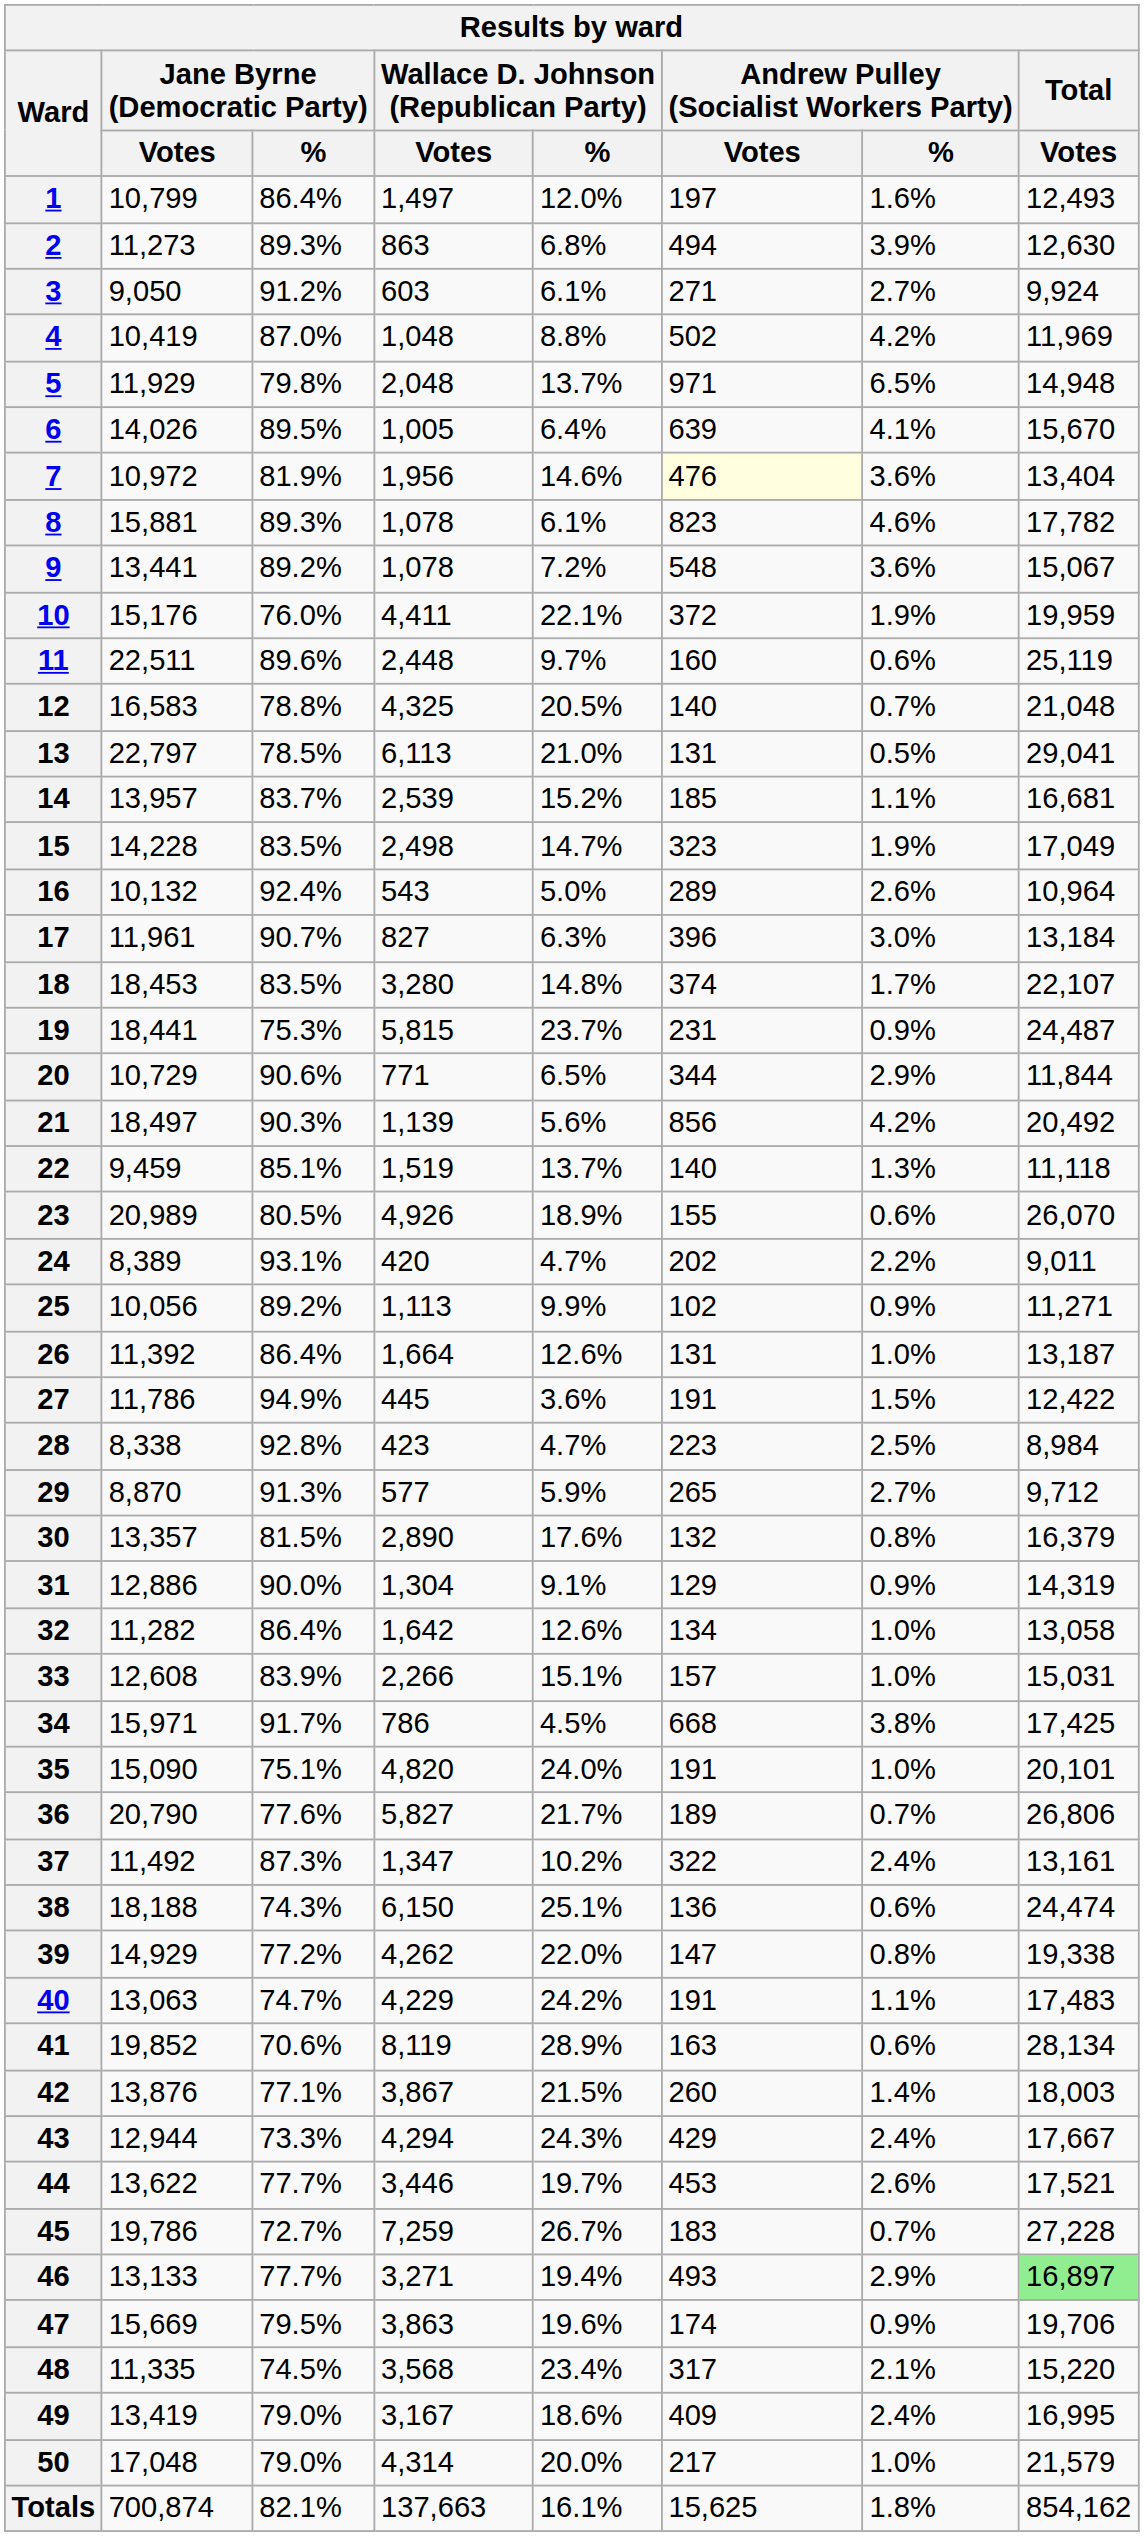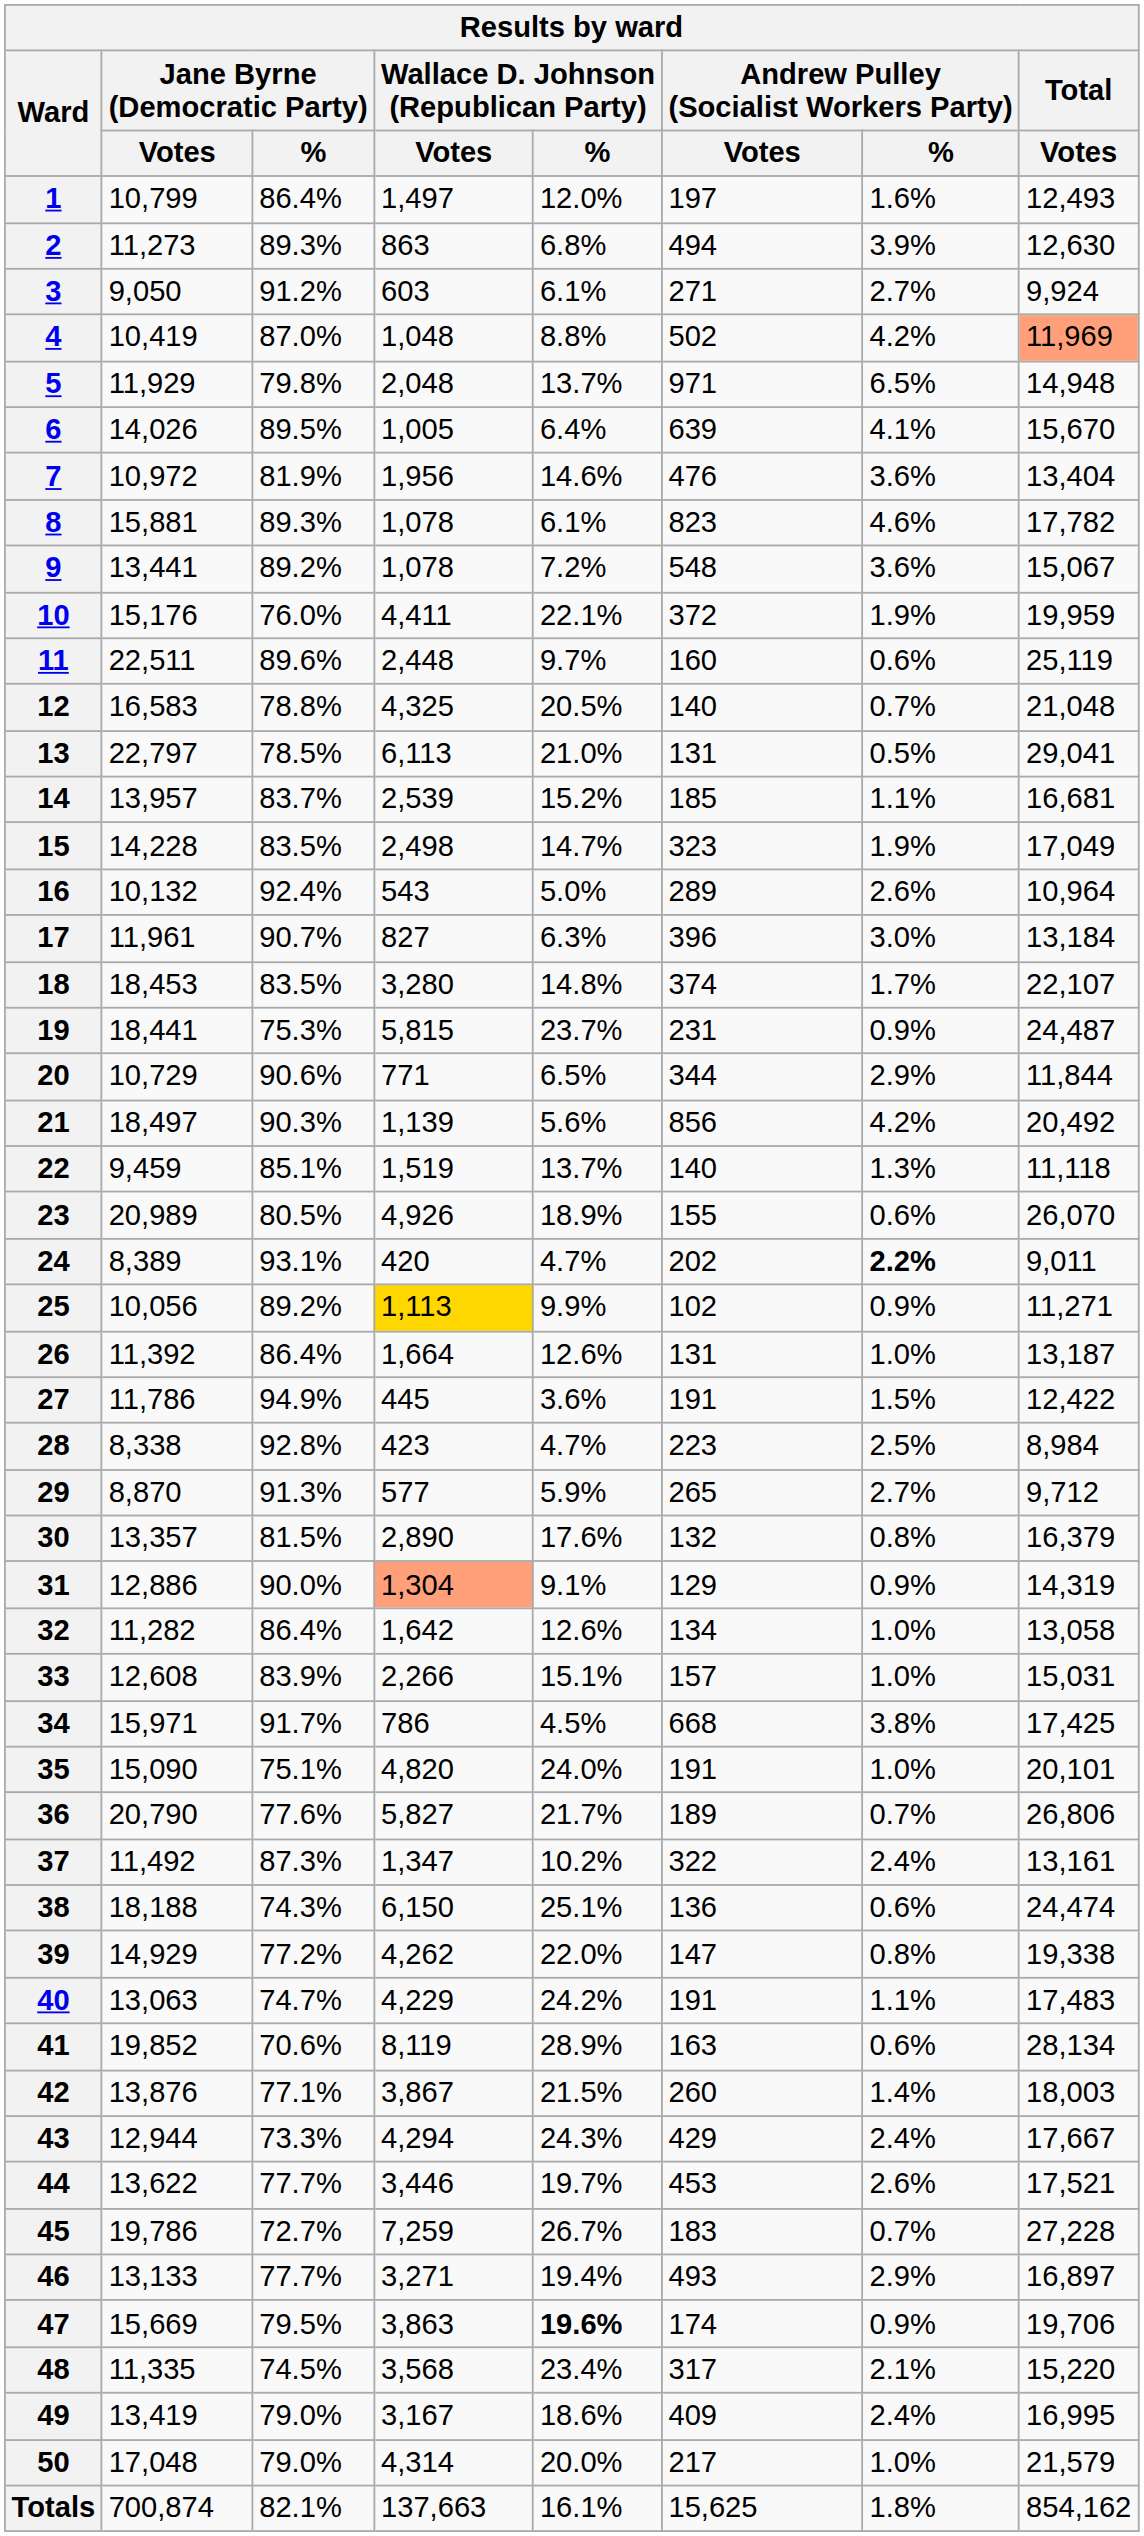 <table class="wikitable sortable">
 <tr>
 <th colspan=8>Results by ward</th>
 </tr>
 <tr>
 <th rowspan=2>Ward</th>
 <th colspan=2>Jane Byrne<br>(Democratic Party)</th>
 <th colspan=2>Wallace D. Johnson<br>(Republican Party)</th>
 <th colspan=2>Andrew Pulley<br>(Socialist Workers Party)</th>
 <th>Total</th>
 </tr>
 <tr>
 <th>Votes</th>
 <th>%</th>
 <th>Votes</th>
 <th>%</th>
 <th>Votes</th>
 <th>%</th>
 <th>Votes</th>
 </tr>
 <tr>
 <th><a href='#'>1</a></th>
 <td>10,799</td>
 <td>86.4%</td>
 <td>1,497</td>
 <td>12.0%</td>
 <td>197</td>
 <td>1.6%</td>
 <td>12,493</td>
 </tr>
 <tr>
 <th><a href='#'>2</a></th>
 <td>11,273</td>
 <td>89.3%</td>
 <td>863</td>
 <td>6.8%</td>
 <td>494</td>
 <td>3.9%</td>
 <td>12,630</td>
 </tr>
 <tr>
 <th><a href='#'>3</a></th>
 <td>9,050</td>
 <td>91.2%</td>
 <td>603</td>
 <td>6.1%</td>
 <td>271</td>
 <td>2.7%</td>
 <td>9,924</td>
 </tr>
 <tr>
 <th><a href='#'>4</a></th>
 <td>10,419</td>
 <td>87.0%</td>
 <td>1,048</td>
 <td>8.8%</td>
 <td>502</td>
 <td>4.2%</td>
-<td>11,969</td>
+<td style="background: lightsalmon;">11,969</td>
 </tr>
 <tr>
 <th><a href='#'>5</a></th>
 <td>11,929</td>
 <td>79.8%</td>
 <td>2,048</td>
 <td>13.7%</td>
 <td>971</td>
 <td>6.5%</td>
 <td>14,948</td>
 </tr>
 <tr>
 <th><a href='#'>6</a></th>
 <td>14,026</td>
 <td>89.5%</td>
 <td>1,005</td>
 <td>6.4%</td>
 <td>639</td>
 <td>4.1%</td>
 <td>15,670</td>
 </tr>
 <tr>
 <th><a href='#'>7</a></th>
 <td>10,972</td>
 <td>81.9%</td>
 <td>1,956</td>
 <td>14.6%</td>
-<td style="background: lightyellow;">476</td>
+<td>476</td>
 <td>3.6%</td>
 <td>13,404</td>
 </tr>
 <tr>
 <th><a href='#'>8</a></th>
 <td>15,881</td>
 <td>89.3%</td>
 <td>1,078</td>
 <td>6.1%</td>
 <td>823</td>
 <td>4.6%</td>
 <td>17,782</td>
 </tr>
 <tr>
 <th><a href='#'>9</a></th>
 <td>13,441</td>
 <td>89.2%</td>
 <td>1,078</td>
 <td>7.2%</td>
 <td>548</td>
 <td>3.6%</td>
 <td>15,067</td>
 </tr>
 <tr>
 <th><a href='#'>10</a></th>
 <td>15,176</td>
 <td>76.0%</td>
 <td>4,411</td>
 <td>22.1%</td>
 <td>372</td>
 <td>1.9%</td>
 <td>19,959</td>
 </tr>
 <tr>
 <th><a href='#'>11</a></th>
 <td>22,511</td>
 <td>89.6%</td>
 <td>2,448</td>
 <td>9.7%</td>
 <td>160</td>
 <td>0.6%</td>
 <td>25,119</td>
 </tr>
 <tr>
 <th>12</th>
 <td>16,583</td>
 <td>78.8%</td>
 <td>4,325</td>
 <td>20.5%</td>
 <td>140</td>
 <td>0.7%</td>
 <td>21,048</td>
 </tr>
 <tr>
 <th>13</th>
 <td>22,797</td>
 <td>78.5%</td>
 <td>6,113</td>
 <td>21.0%</td>
 <td>131</td>
 <td>0.5%</td>
 <td>29,041</td>
 </tr>
 <tr>
 <th>14</th>
 <td>13,957</td>
 <td>83.7%</td>
 <td>2,539</td>
 <td>15.2%</td>
 <td>185</td>
 <td>1.1%</td>
 <td>16,681</td>
 </tr>
 <tr>
 <th>15</th>
 <td>14,228</td>
 <td>83.5%</td>
 <td>2,498</td>
 <td>14.7%</td>
 <td>323</td>
 <td>1.9%</td>
 <td>17,049</td>
 </tr>
 <tr>
 <th>16</th>
 <td>10,132</td>
 <td>92.4%</td>
 <td>543</td>
 <td>5.0%</td>
 <td>289</td>
 <td>2.6%</td>
 <td>10,964</td>
 </tr>
 <tr>
 <th>17</th>
 <td>11,961</td>
 <td>90.7%</td>
 <td>827</td>
 <td>6.3%</td>
 <td>396</td>
 <td>3.0%</td>
 <td>13,184</td>
 </tr>
 <tr>
 <th>18</th>
 <td>18,453</td>
 <td>83.5%</td>
 <td>3,280</td>
 <td>14.8%</td>
 <td>374</td>
 <td>1.7%</td>
 <td>22,107</td>
 </tr>
 <tr>
 <th>19</th>
 <td>18,441</td>
 <td>75.3%</td>
 <td>5,815</td>
 <td>23.7%</td>
 <td>231</td>
 <td>0.9%</td>
 <td>24,487</td>
 </tr>
 <tr>
 <th>20</th>
 <td>10,729</td>
 <td>90.6%</td>
 <td>771</td>
 <td>6.5%</td>
 <td>344</td>
 <td>2.9%</td>
 <td>11,844</td>
 </tr>
 <tr>
 <th>21</th>
 <td>18,497</td>
 <td>90.3%</td>
 <td>1,139</td>
 <td>5.6%</td>
 <td>856</td>
 <td>4.2%</td>
 <td>20,492</td>
 </tr>
 <tr>
 <th>22</th>
 <td>9,459</td>
 <td>85.1%</td>
 <td>1,519</td>
 <td>13.7%</td>
 <td>140</td>
 <td>1.3%</td>
 <td>11,118</td>
 </tr>
 <tr>
 <th>23</th>
 <td>20,989</td>
 <td>80.5%</td>
 <td>4,926</td>
 <td>18.9%</td>
 <td>155</td>
 <td>0.6%</td>
 <td>26,070</td>
 </tr>
 <tr>
 <th>24</th>
 <td>8,389</td>
 <td>93.1%</td>
 <td>420</td>
 <td>4.7%</td>
 <td>202</td>
-<td>2.2%</td>
+<td><strong>2.2%</strong></td>
 <td>9,011</td>
 </tr>
 <tr>
 <th>25</th>
 <td>10,056</td>
 <td>89.2%</td>
-<td>1,113</td>
+<td style="background: gold;">1,113</td>
 <td>9.9%</td>
 <td>102</td>
 <td>0.9%</td>
 <td>11,271</td>
 </tr>
 <tr>
 <th>26</th>
 <td>11,392</td>
 <td>86.4%</td>
 <td>1,664</td>
 <td>12.6%</td>
 <td>131</td>
 <td>1.0%</td>
 <td>13,187</td>
 </tr>
 <tr>
 <th>27</th>
 <td>11,786</td>
 <td>94.9%</td>
 <td>445</td>
 <td>3.6%</td>
 <td>191</td>
 <td>1.5%</td>
 <td>12,422</td>
 </tr>
 <tr>
 <th>28</th>
 <td>8,338</td>
 <td>92.8%</td>
 <td>423</td>
 <td>4.7%</td>
 <td>223</td>
 <td>2.5%</td>
 <td>8,984</td>
 </tr>
 <tr>
 <th>29</th>
 <td>8,870</td>
 <td>91.3%</td>
 <td>577</td>
 <td>5.9%</td>
 <td>265</td>
 <td>2.7%</td>
 <td>9,712</td>
 </tr>
 <tr>
 <th>30</th>
 <td>13,357</td>
 <td>81.5%</td>
 <td>2,890</td>
 <td>17.6%</td>
 <td>132</td>
 <td>0.8%</td>
 <td>16,379</td>
 </tr>
 <tr>
 <th>31</th>
 <td>12,886</td>
 <td>90.0%</td>
-<td>1,304</td>
+<td style="background: lightsalmon;">1,304</td>
 <td>9.1%</td>
 <td>129</td>
 <td>0.9%</td>
 <td>14,319</td>
 </tr>
 <tr>
 <th>32</th>
 <td>11,282</td>
 <td>86.4%</td>
 <td>1,642</td>
 <td>12.6%</td>
 <td>134</td>
 <td>1.0%</td>
 <td>13,058</td>
 </tr>
 <tr>
 <th>33</th>
 <td>12,608</td>
 <td>83.9%</td>
 <td>2,266</td>
 <td>15.1%</td>
 <td>157</td>
 <td>1.0%</td>
 <td>15,031</td>
 </tr>
 <tr>
 <th>34</th>
 <td>15,971</td>
 <td>91.7%</td>
 <td>786</td>
 <td>4.5%</td>
 <td>668</td>
 <td>3.8%</td>
 <td>17,425</td>
 </tr>
 <tr>
 <th>35</th>
 <td>15,090</td>
 <td>75.1%</td>
 <td>4,820</td>
 <td>24.0%</td>
 <td>191</td>
 <td>1.0%</td>
 <td>20,101</td>
 </tr>
 <tr>
 <th>36</th>
 <td>20,790</td>
 <td>77.6%</td>
 <td>5,827</td>
 <td>21.7%</td>
 <td>189</td>
 <td>0.7%</td>
 <td>26,806</td>
 </tr>
 <tr>
 <th>37</th>
 <td>11,492</td>
 <td>87.3%</td>
 <td>1,347</td>
 <td>10.2%</td>
 <td>322</td>
 <td>2.4%</td>
 <td>13,161</td>
 </tr>
 <tr>
 <th>38</th>
 <td>18,188</td>
 <td>74.3%</td>
 <td>6,150</td>
 <td>25.1%</td>
 <td>136</td>
 <td>0.6%</td>
 <td>24,474</td>
 </tr>
 <tr>
 <th>39</th>
 <td>14,929</td>
 <td>77.2%</td>
 <td>4,262</td>
 <td>22.0%</td>
 <td>147</td>
 <td>0.8%</td>
 <td>19,338</td>
 </tr>
 <tr>
 <th><a href='#'>40</a></th>
 <td>13,063</td>
 <td>74.7%</td>
 <td>4,229</td>
 <td>24.2%</td>
 <td>191</td>
 <td>1.1%</td>
 <td>17,483</td>
 </tr>
 <tr>
 <th>41</th>
 <td>19,852</td>
 <td>70.6%</td>
 <td>8,119</td>
 <td>28.9%</td>
 <td>163</td>
 <td>0.6%</td>
 <td>28,134</td>
 </tr>
 <tr>
 <th>42</th>
 <td>13,876</td>
 <td>77.1%</td>
 <td>3,867</td>
 <td>21.5%</td>
 <td>260</td>
 <td>1.4%</td>
 <td>18,003</td>
 </tr>
 <tr>
 <th>43</th>
 <td>12,944</td>
 <td>73.3%</td>
 <td>4,294</td>
 <td>24.3%</td>
 <td>429</td>
 <td>2.4%</td>
 <td>17,667</td>
 </tr>
 <tr>
 <th>44</th>
 <td>13,622</td>
 <td>77.7%</td>
 <td>3,446</td>
 <td>19.7%</td>
 <td>453</td>
 <td>2.6%</td>
 <td>17,521</td>
 </tr>
 <tr>
 <th>45</th>
 <td>19,786</td>
 <td>72.7%</td>
 <td>7,259</td>
 <td>26.7%</td>
 <td>183</td>
 <td>0.7%</td>
 <td>27,228</td>
 </tr>
 <tr>
 <th>46</th>
 <td>13,133</td>
 <td>77.7%</td>
 <td>3,271</td>
 <td>19.4%</td>
 <td>493</td>
 <td>2.9%</td>
-<td style="background: lightgreen;">16,897</td>
+<td>16,897</td>
 </tr>
 <tr>
 <th>47</th>
 <td>15,669</td>
 <td>79.5%</td>
 <td>3,863</td>
-<td>19.6%</td>
+<td><strong>19.6%</strong></td>
 <td>174</td>
 <td>0.9%</td>
 <td>19,706</td>
 </tr>
 <tr>
 <th>48</th>
 <td>11,335</td>
 <td>74.5%</td>
 <td>3,568</td>
 <td>23.4%</td>
 <td>317</td>
 <td>2.1%</td>
 <td>15,220</td>
 </tr>
 <tr>
 <th>49</th>
 <td>13,419</td>
 <td>79.0%</td>
 <td>3,167</td>
 <td>18.6%</td>
 <td>409</td>
 <td>2.4%</td>
 <td>16,995</td>
 </tr>
 <tr>
 <th>50</th>
 <td>17,048</td>
 <td>79.0%</td>
 <td>4,314</td>
 <td>20.0%</td>
 <td>217</td>
 <td>1.0%</td>
 <td>21,579</td>
 </tr>
 <tr>
 <th>Totals</th>
 <td>700,874</td>
 <td>82.1%</td>
 <td>137,663</td>
 <td>16.1%</td>
 <td>15,625</td>
 <td>1.8%</td>
 <td>854,162</td>
 </tr>
 </table>
